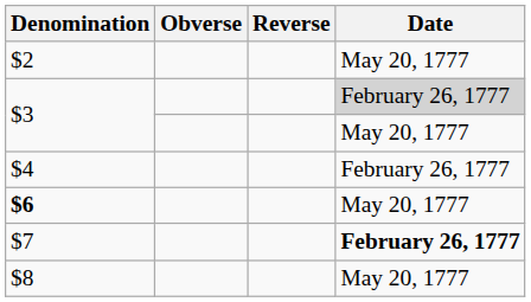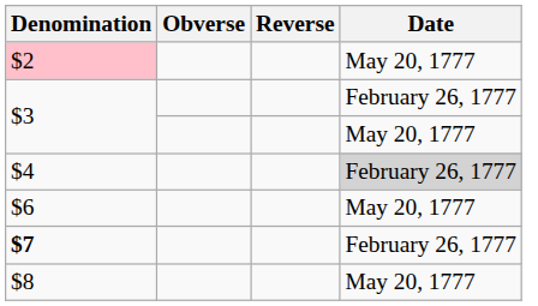 <table class="wikitable">
 <tr>
 <th>Denomination</th>
 <th>Obverse</th>
 <th>Reverse</th>
 <th>Date</th>
 </tr>
 <tr>
-<td>$2</td>
+<td style="background: pink;">$2</td>
 <td></td>
 <td></td>
 <td>May 20, 1777</td>
 </tr>
 <tr>
 <td rowspan="2">$3</td>
 <td></td>
 <td></td>
-<td style="background: lightgrey;">February 26, 1777</td>
+<td>February 26, 1777</td>
 </tr>
 <tr>
 <td></td>
 <td></td>
 <td>May 20, 1777</td>
 </tr>
 <tr>
 <td>$4</td>
 <td></td>
 <td></td>
-<td>February 26, 1777</td>
+<td style="background: lightgrey;">February 26, 1777</td>
 </tr>
 <tr>
-<td><strong>$6</strong></td>
+<td>$6</td>
 <td></td>
 <td></td>
 <td>May 20, 1777</td>
 </tr>
 <tr>
-<td>$7</td>
+<td><strong>$7</strong></td>
 <td></td>
 <td></td>
-<td><strong>February 26, 1777</strong></td>
+<td>February 26, 1777</td>
 </tr>
 <tr>
 <td>$8</td>
 <td></td>
 <td></td>
 <td>May 20, 1777</td>
 </tr>
 </table>
